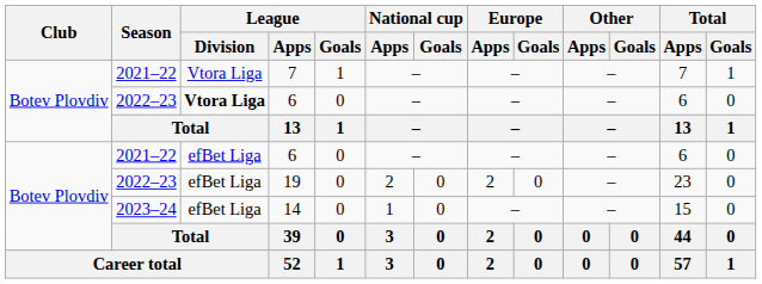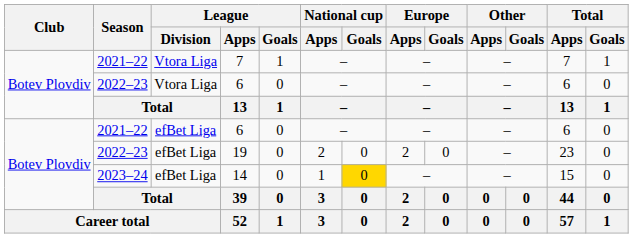 <table class="wikitable" style="text-align: center;">
 <tr>
 <th rowspan="2">Club</th>
 <th rowspan="2">Season</th>
 <th colspan="3">League</th>
 <th colspan="2">National cup</th>
 <th colspan="2">Europe</th>
 <th colspan="2">Other</th>
 <th colspan="2">Total</th>
 </tr>
 <tr>
 <th>Division</th>
 <th>Apps</th>
 <th>Goals</th>
 <th>Apps</th>
 <th>Goals</th>
 <th>Apps</th>
 <th>Goals</th>
 <th>Apps</th>
 <th>Goals</th>
 <th>Apps</th>
 <th>Goals</th>
 </tr>
 <tr>
 <td rowspan="3"><a href='#'>Botev Plovdiv</a></td>
 <td><a href='#'>2021–22</a></td>
 <td><a href='#'>Vtora Liga</a></td>
 <td>7</td>
 <td>1</td>
 <td colspan="2">–</td>
 <td colspan="2">–</td>
 <td colspan="2">–</td>
 <td>7</td>
 <td>1</td>
 </tr>
 <tr>
 <td><a href='#'>2022–23</a></td>
-<td><strong>Vtora Liga</strong></td>
+<td>Vtora Liga</td>
 <td>6</td>
 <td>0</td>
 <td colspan="2">–</td>
 <td colspan="2">–</td>
 <td colspan="2">–</td>
 <td>6</td>
 <td>0</td>
 </tr>
 <tr>
 <th colspan="2">Total</th>
 <th>13</th>
 <th>1</th>
 <th colspan="2">–</th>
 <th colspan="2">–</th>
 <th colspan="2">–</th>
 <th>13</th>
 <th>1</th>
 </tr>
 <tr>
 <td rowspan="4"><a href='#'>Botev Plovdiv</a></td>
 <td><a href='#'>2021–22</a></td>
 <td><a href='#'>efBet Liga</a></td>
 <td>6</td>
 <td>0</td>
 <td colspan="2">–</td>
 <td colspan="2">–</td>
 <td colspan="2">–</td>
 <td>6</td>
 <td>0</td>
 </tr>
 <tr>
 <td><a href='#'>2022–23</a></td>
 <td>efBet Liga</td>
 <td>19</td>
 <td>0</td>
 <td>2</td>
 <td>0</td>
 <td>2</td>
 <td>0</td>
 <td colspan="2">–</td>
 <td>23</td>
 <td>0</td>
 </tr>
 <tr>
 <td><a href='#'>2023–24</a></td>
 <td>efBet Liga</td>
 <td>14</td>
 <td>0</td>
 <td>1</td>
-<td>0</td>
+<td style="background: gold;">0</td>
 <td colspan="2">–</td>
 <td colspan="2">–</td>
 <td>15</td>
 <td>0</td>
 </tr>
 <tr>
 <th colspan="2">Total</th>
 <th>39</th>
 <th>0</th>
 <th>3</th>
 <th>0</th>
 <th>2</th>
 <th>0</th>
 <th>0</th>
 <th>0</th>
 <th>44</th>
 <th>0</th>
 </tr>
 <tr>
 <th colspan="3">Career total</th>
 <th>52</th>
 <th>1</th>
 <th>3</th>
 <th>0</th>
 <th>2</th>
 <th>0</th>
 <th>0</th>
 <th>0</th>
 <th>57</th>
 <th>1</th>
 </tr>
 </table>
